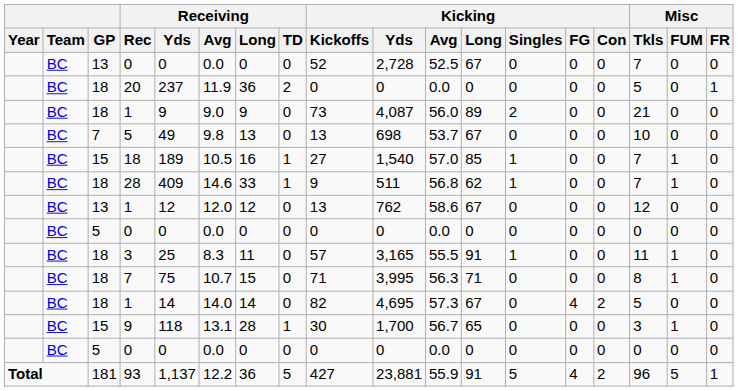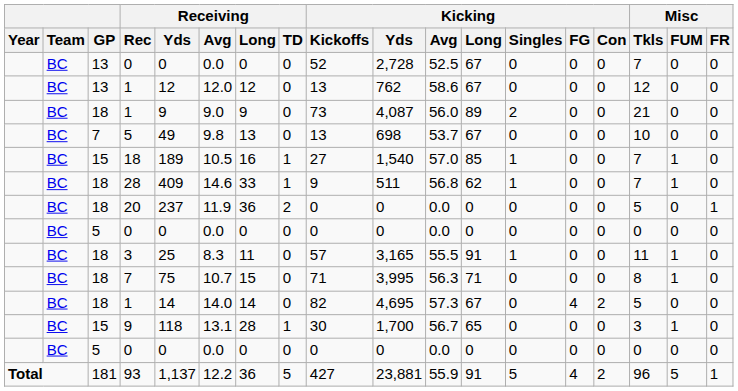 <table class="wikitable">
 <tr>
 <th colspan=3></th>
 <th colspan=5>Receiving</th>
 <th colspan=7>Kicking</th>
 <th colspan=3>Misc</th>
 </tr>
 <tr>
 <th>Year</th>
 <th>Team</th>
 <th>GP</th>
 <th>Rec</th>
 <th>Yds</th>
 <th>Avg</th>
 <th>Long</th>
 <th>TD</th>
 <th>Kickoffs</th>
 <th>Yds</th>
 <th>Avg</th>
 <th>Long</th>
 <th>Singles</th>
 <th>FG</th>
 <th>Con</th>
 <th>Tkls</th>
 <th>FUM</th>
 <th>FR</th>
 </tr>
 <tr>
 <td></td>
 <td><a href='#'>BC</a></td>
 <td>13</td>
 <td>0</td>
 <td>0</td>
 <td>0.0</td>
 <td>0</td>
 <td>0</td>
 <td>52</td>
 <td>2,728</td>
 <td>52.5</td>
 <td>67</td>
 <td>0</td>
 <td>0</td>
 <td>0</td>
 <td>7</td>
 <td>0</td>
 <td>0</td>
 </tr>
 <tr>
 <td></td>
 <td><a href='#'>BC</a></td>
-<td>18</td>
-<td>20</td>
-<td>237</td>
-<td>11.9</td>
-<td>36</td>
-<td>2</td>
+<td>13</td>
+<td>1</td>
+<td>12</td>
+<td>12.0</td>
+<td>12</td>
 <td>0</td>
-<td>0</td>
-<td>0.0</td>
+<td>13</td>
+<td>762</td>
+<td>58.6</td>
+<td>67</td>
 <td>0</td>
 <td>0</td>
 <td>0</td>
+<td>12</td>
 <td>0</td>
-<td>5</td>
 <td>0</td>
-<td>1</td>
 </tr>
 <tr>
 <td></td>
 <td><a href='#'>BC</a></td>
 <td>18</td>
 <td>1</td>
 <td>9</td>
 <td>9.0</td>
 <td>9</td>
 <td>0</td>
 <td>73</td>
 <td>4,087</td>
 <td>56.0</td>
 <td>89</td>
 <td>2</td>
 <td>0</td>
 <td>0</td>
 <td>21</td>
 <td>0</td>
 <td>0</td>
 </tr>
 <tr>
 <td></td>
 <td><a href='#'>BC</a></td>
 <td>7</td>
 <td>5</td>
 <td>49</td>
 <td>9.8</td>
 <td>13</td>
 <td>0</td>
 <td>13</td>
 <td>698</td>
 <td>53.7</td>
 <td>67</td>
 <td>0</td>
 <td>0</td>
 <td>0</td>
 <td>10</td>
 <td>0</td>
 <td>0</td>
 </tr>
 <tr>
 <td></td>
 <td><a href='#'>BC</a></td>
 <td>15</td>
 <td>18</td>
 <td>189</td>
 <td>10.5</td>
 <td>16</td>
 <td>1</td>
 <td>27</td>
 <td>1,540</td>
 <td>57.0</td>
 <td>85</td>
 <td>1</td>
 <td>0</td>
 <td>0</td>
 <td>7</td>
 <td>1</td>
 <td>0</td>
 </tr>
 <tr>
 <td></td>
 <td><a href='#'>BC</a></td>
 <td>18</td>
 <td>28</td>
 <td>409</td>
 <td>14.6</td>
 <td>33</td>
 <td>1</td>
 <td>9</td>
 <td>511</td>
 <td>56.8</td>
 <td>62</td>
 <td>1</td>
 <td>0</td>
 <td>0</td>
 <td>7</td>
 <td>1</td>
 <td>0</td>
 </tr>
 <tr>
 <td></td>
 <td><a href='#'>BC</a></td>
-<td>13</td>
-<td>1</td>
-<td>12</td>
-<td>12.0</td>
-<td>12</td>
+<td>18</td>
+<td>20</td>
+<td>237</td>
+<td>11.9</td>
+<td>36</td>
+<td>2</td>
 <td>0</td>
-<td>13</td>
-<td>762</td>
-<td>58.6</td>
-<td>67</td>
+<td>0</td>
+<td>0.0</td>
 <td>0</td>
 <td>0</td>
 <td>0</td>
-<td>12</td>
 <td>0</td>
+<td>5</td>
 <td>0</td>
+<td>1</td>
 </tr>
 <tr>
 <td></td>
 <td><a href='#'>BC</a></td>
 <td>5</td>
 <td>0</td>
 <td>0</td>
 <td>0.0</td>
 <td>0</td>
 <td>0</td>
 <td>0</td>
 <td>0</td>
 <td>0.0</td>
 <td>0</td>
 <td>0</td>
 <td>0</td>
 <td>0</td>
 <td>0</td>
 <td>0</td>
 <td>0</td>
 </tr>
 <tr>
 <td></td>
 <td><a href='#'>BC</a></td>
 <td>18</td>
 <td>3</td>
 <td>25</td>
 <td>8.3</td>
 <td>11</td>
 <td>0</td>
 <td>57</td>
 <td>3,165</td>
 <td>55.5</td>
 <td>91</td>
 <td>1</td>
 <td>0</td>
 <td>0</td>
 <td>11</td>
 <td>1</td>
 <td>0</td>
 </tr>
 <tr>
 <td></td>
 <td><a href='#'>BC</a></td>
 <td>18</td>
 <td>7</td>
 <td>75</td>
 <td>10.7</td>
 <td>15</td>
 <td>0</td>
 <td>71</td>
 <td>3,995</td>
 <td>56.3</td>
 <td>71</td>
 <td>0</td>
 <td>0</td>
 <td>0</td>
 <td>8</td>
 <td>1</td>
 <td>0</td>
 </tr>
 <tr>
 <td></td>
 <td><a href='#'>BC</a></td>
 <td>18</td>
 <td>1</td>
 <td>14</td>
 <td>14.0</td>
 <td>14</td>
 <td>0</td>
 <td>82</td>
 <td>4,695</td>
 <td>57.3</td>
 <td>67</td>
 <td>0</td>
 <td>4</td>
 <td>2</td>
 <td>5</td>
 <td>0</td>
 <td>0</td>
 </tr>
 <tr>
 <td></td>
 <td><a href='#'>BC</a></td>
 <td>15</td>
 <td>9</td>
 <td>118</td>
 <td>13.1</td>
 <td>28</td>
 <td>1</td>
 <td>30</td>
 <td>1,700</td>
 <td>56.7</td>
 <td>65</td>
 <td>0</td>
 <td>0</td>
 <td>0</td>
 <td>3</td>
 <td>1</td>
 <td>0</td>
 </tr>
 <tr>
 <td></td>
 <td><a href='#'>BC</a></td>
 <td>5</td>
 <td>0</td>
 <td>0</td>
 <td>0.0</td>
 <td>0</td>
 <td>0</td>
 <td>0</td>
 <td>0</td>
 <td>0.0</td>
 <td>0</td>
 <td>0</td>
 <td>0</td>
 <td>0</td>
 <td>0</td>
 <td>0</td>
 <td>0</td>
 </tr>
 <tr>
 <td colspan=2><strong>Total</strong></td>
 <td>181</td>
 <td>93</td>
 <td>1,137</td>
 <td>12.2</td>
 <td>36</td>
 <td>5</td>
 <td>427</td>
 <td>23,881</td>
 <td>55.9</td>
 <td>91</td>
 <td>5</td>
 <td>4</td>
 <td>2</td>
 <td>96</td>
 <td>5</td>
 <td>1</td>
 </tr>
 </table>
